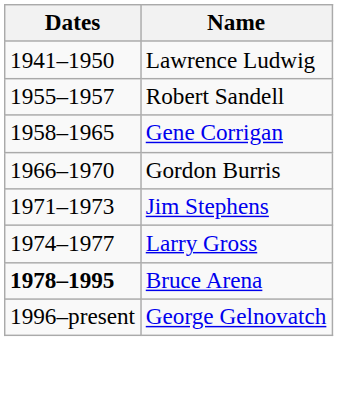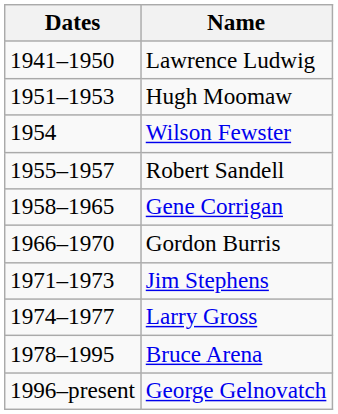 <table class="wikitable">
 <tr>
 <th width=px>Dates</th>
 <th width=px>Name</th>
 </tr>
 <tr>
 <td>1941–1950</td>
 <td> Lawrence Ludwig</td>
+</tr>
+<tr>
+<td>1951–1953</td>
+<td> Hugh Moomaw</td>
+</tr>
+<tr>
+<td>1954</td>
+<td> <a href='#'>Wilson Fewster</a></td>
 </tr>
 <tr>
 <td>1955–1957</td>
 <td> Robert Sandell</td>
 </tr>
 <tr>
 <td>1958–1965</td>
 <td> <a href='#'>Gene Corrigan</a></td>
 </tr>
 <tr>
 <td>1966–1970</td>
 <td> Gordon Burris</td>
 </tr>
 <tr>
 <td>1971–1973</td>
 <td> <a href='#'>Jim Stephens</a></td>
 </tr>
 <tr>
 <td>1974–1977</td>
 <td> <a href='#'>Larry Gross</a></td>
 </tr>
 <tr>
-<td><strong>1978–1995</strong></td>
+<td>1978–1995</td>
 <td> <a href='#'>Bruce Arena</a></td>
 </tr>
 <tr>
 <td>1996–present</td>
 <td> <a href='#'>George Gelnovatch</a></td>
 </tr>
 </table>
